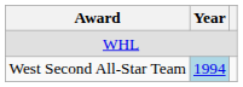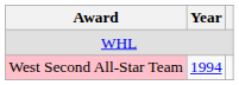 <table class="wikitable">
 <tr>
 <th>Award</th>
 <th>Year</th>
 <th></th>
 </tr>
 <tr ALIGN="center" bgcolor="#e0e0e0">
 <td colspan="3"><a href='#'>WHL</a></td>
 </tr>
 <tr>
-<td>West Second All-Star Team</td>
-<td style="background: lightblue;"><a href='#'>1994</a></td>
+<td style="background: pink;">West Second All-Star Team</td>
+<td><a href='#'>1994</a></td>
 <td></td>
 </tr>
 </table>
